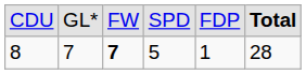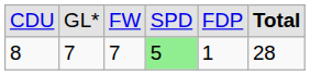 <table class="wikitable">
 <tr>
 <td bgcolor="#e3e3e3"><a href='#'>CDU</a></td>
 <td bgcolor="#e3e3e3">GL*</td>
 <td bgcolor="#e3e3e3"><a href='#'>FW</a></td>
 <td bgcolor="#e3e3e3"><a href='#'>SPD</a></td>
 <td bgcolor="#e3e3e3"><a href='#'>FDP</a></td>
 <td bgcolor="#e3e3e3"><strong>Total</strong></td>
 </tr>
 <tr>
 <td>8</td>
 <td>7</td>
-<td><strong>7</strong></td>
-<td>5</td>
+<td>7</td>
+<td style="background: lightgreen;">5</td>
 <td>1</td>
 <td>28</td>
 </tr>
 </table>
